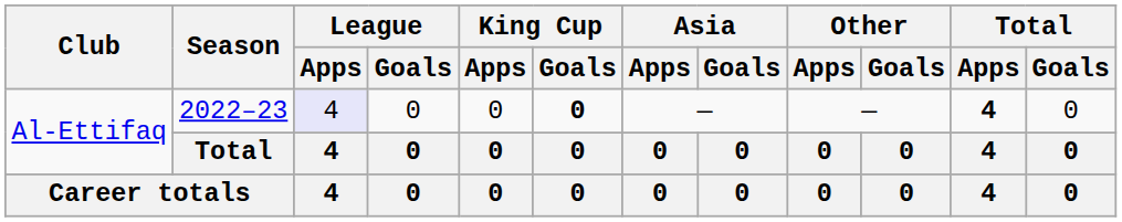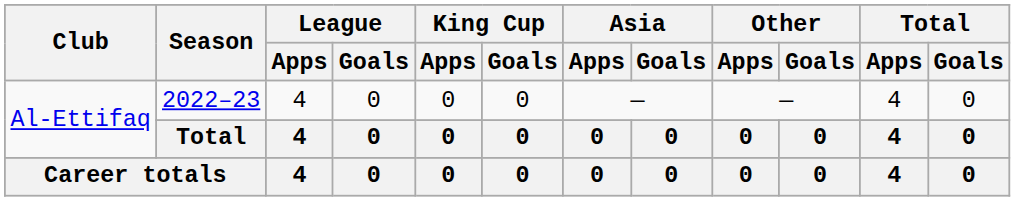 <table class="wikitable" style="text-align: center">
 <tr>
 <th rowspan=2>Club</th>
 <th rowspan=2>Season</th>
 <th colspan=2>League</th>
 <th colspan=2>King Cup</th>
 <th colspan=2>Asia</th>
 <th colspan=2>Other</th>
 <th colspan=2>Total</th>
 </tr>
 <tr>
 <th>Apps</th>
 <th>Goals</th>
 <th>Apps</th>
 <th>Goals</th>
 <th>Apps</th>
 <th>Goals</th>
 <th>Apps</th>
 <th>Goals</th>
 <th>Apps</th>
 <th>Goals</th>
 </tr>
 <tr>
 <td rowspan=2><a href='#'>Al-Ettifaq</a></td>
 <td><a href='#'>2022–23</a></td>
-<td style="background: lavender;">4</td>
+<td>4</td>
 <td>0</td>
 <td>0</td>
-<td><strong>0</strong></td>
+<td>0</td>
 <td colspan=2>—</td>
 <td colspan=2>—</td>
-<td><strong>4</strong></td>
+<td>4</td>
 <td>0</td>
 </tr>
 <tr>
 <th>Total</th>
 <th>4</th>
 <th>0</th>
 <th>0</th>
 <th>0</th>
 <th>0</th>
 <th>0</th>
 <th>0</th>
 <th>0</th>
 <th>4</th>
 <th>0</th>
 </tr>
 <tr>
 <th colspan=2>Career totals</th>
 <th>4</th>
 <th>0</th>
 <th>0</th>
 <th>0</th>
 <th>0</th>
 <th>0</th>
 <th>0</th>
 <th>0</th>
 <th>4</th>
 <th>0</th>
 </tr>
 </table>
